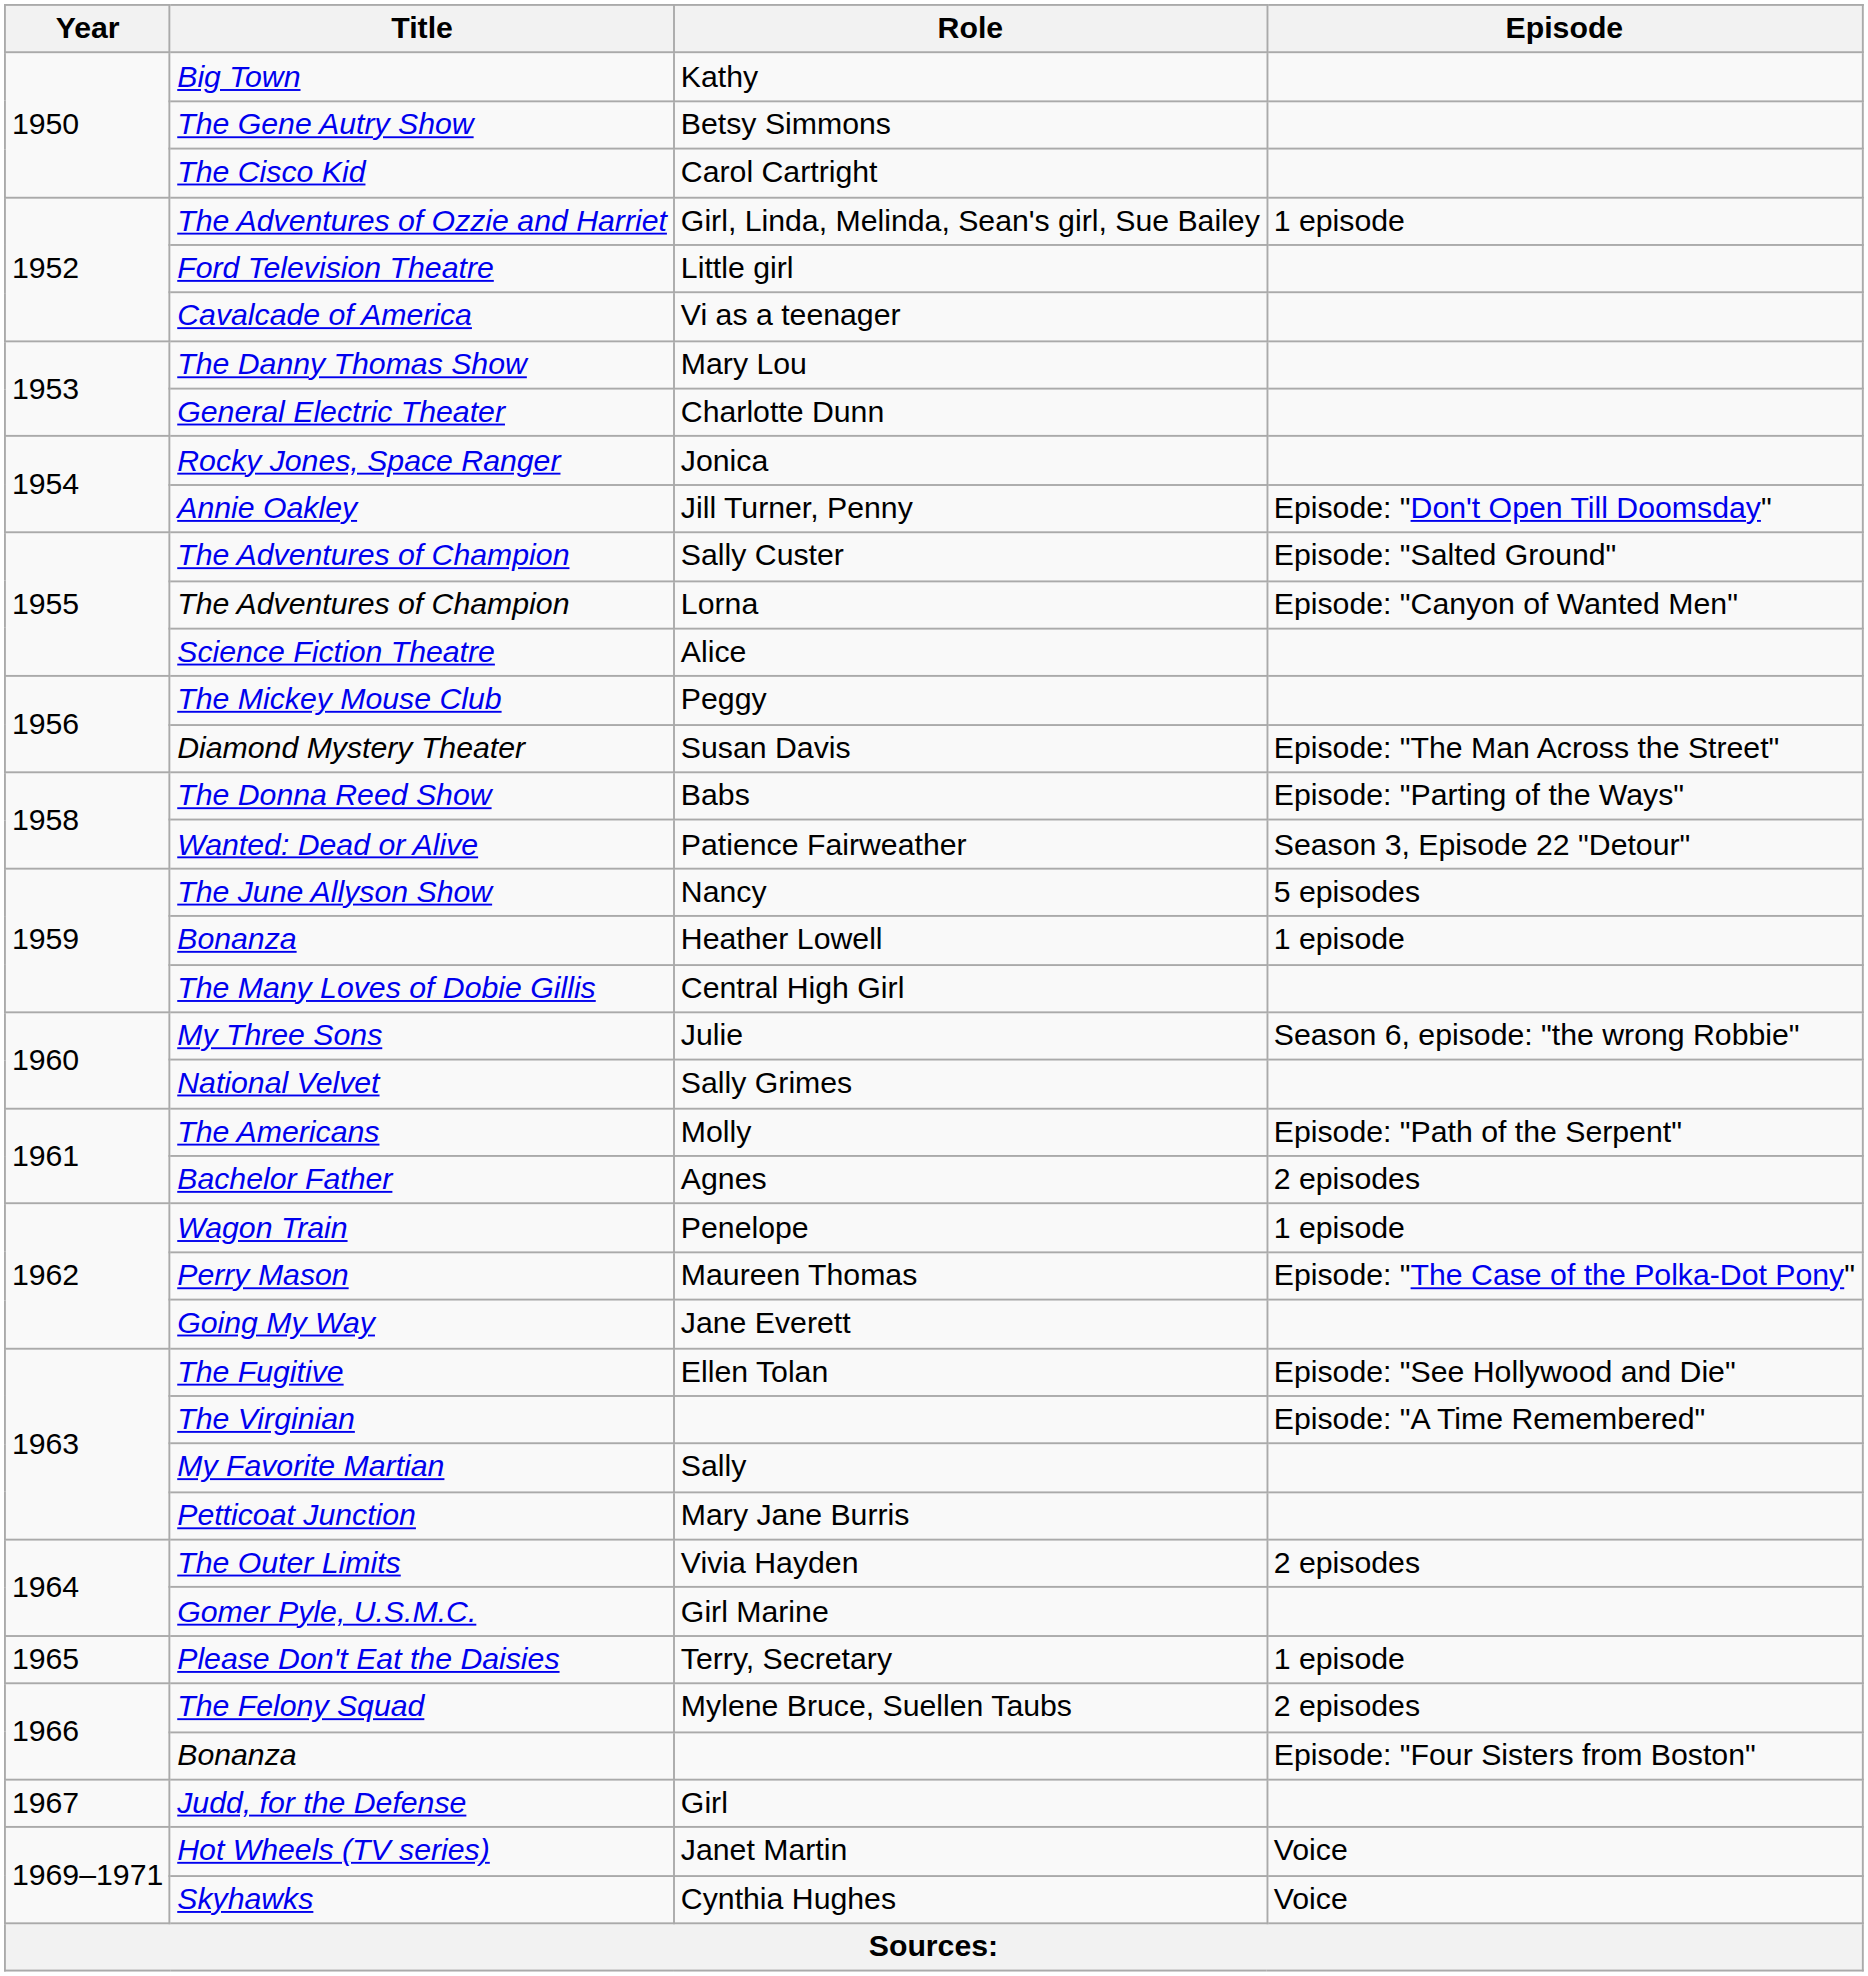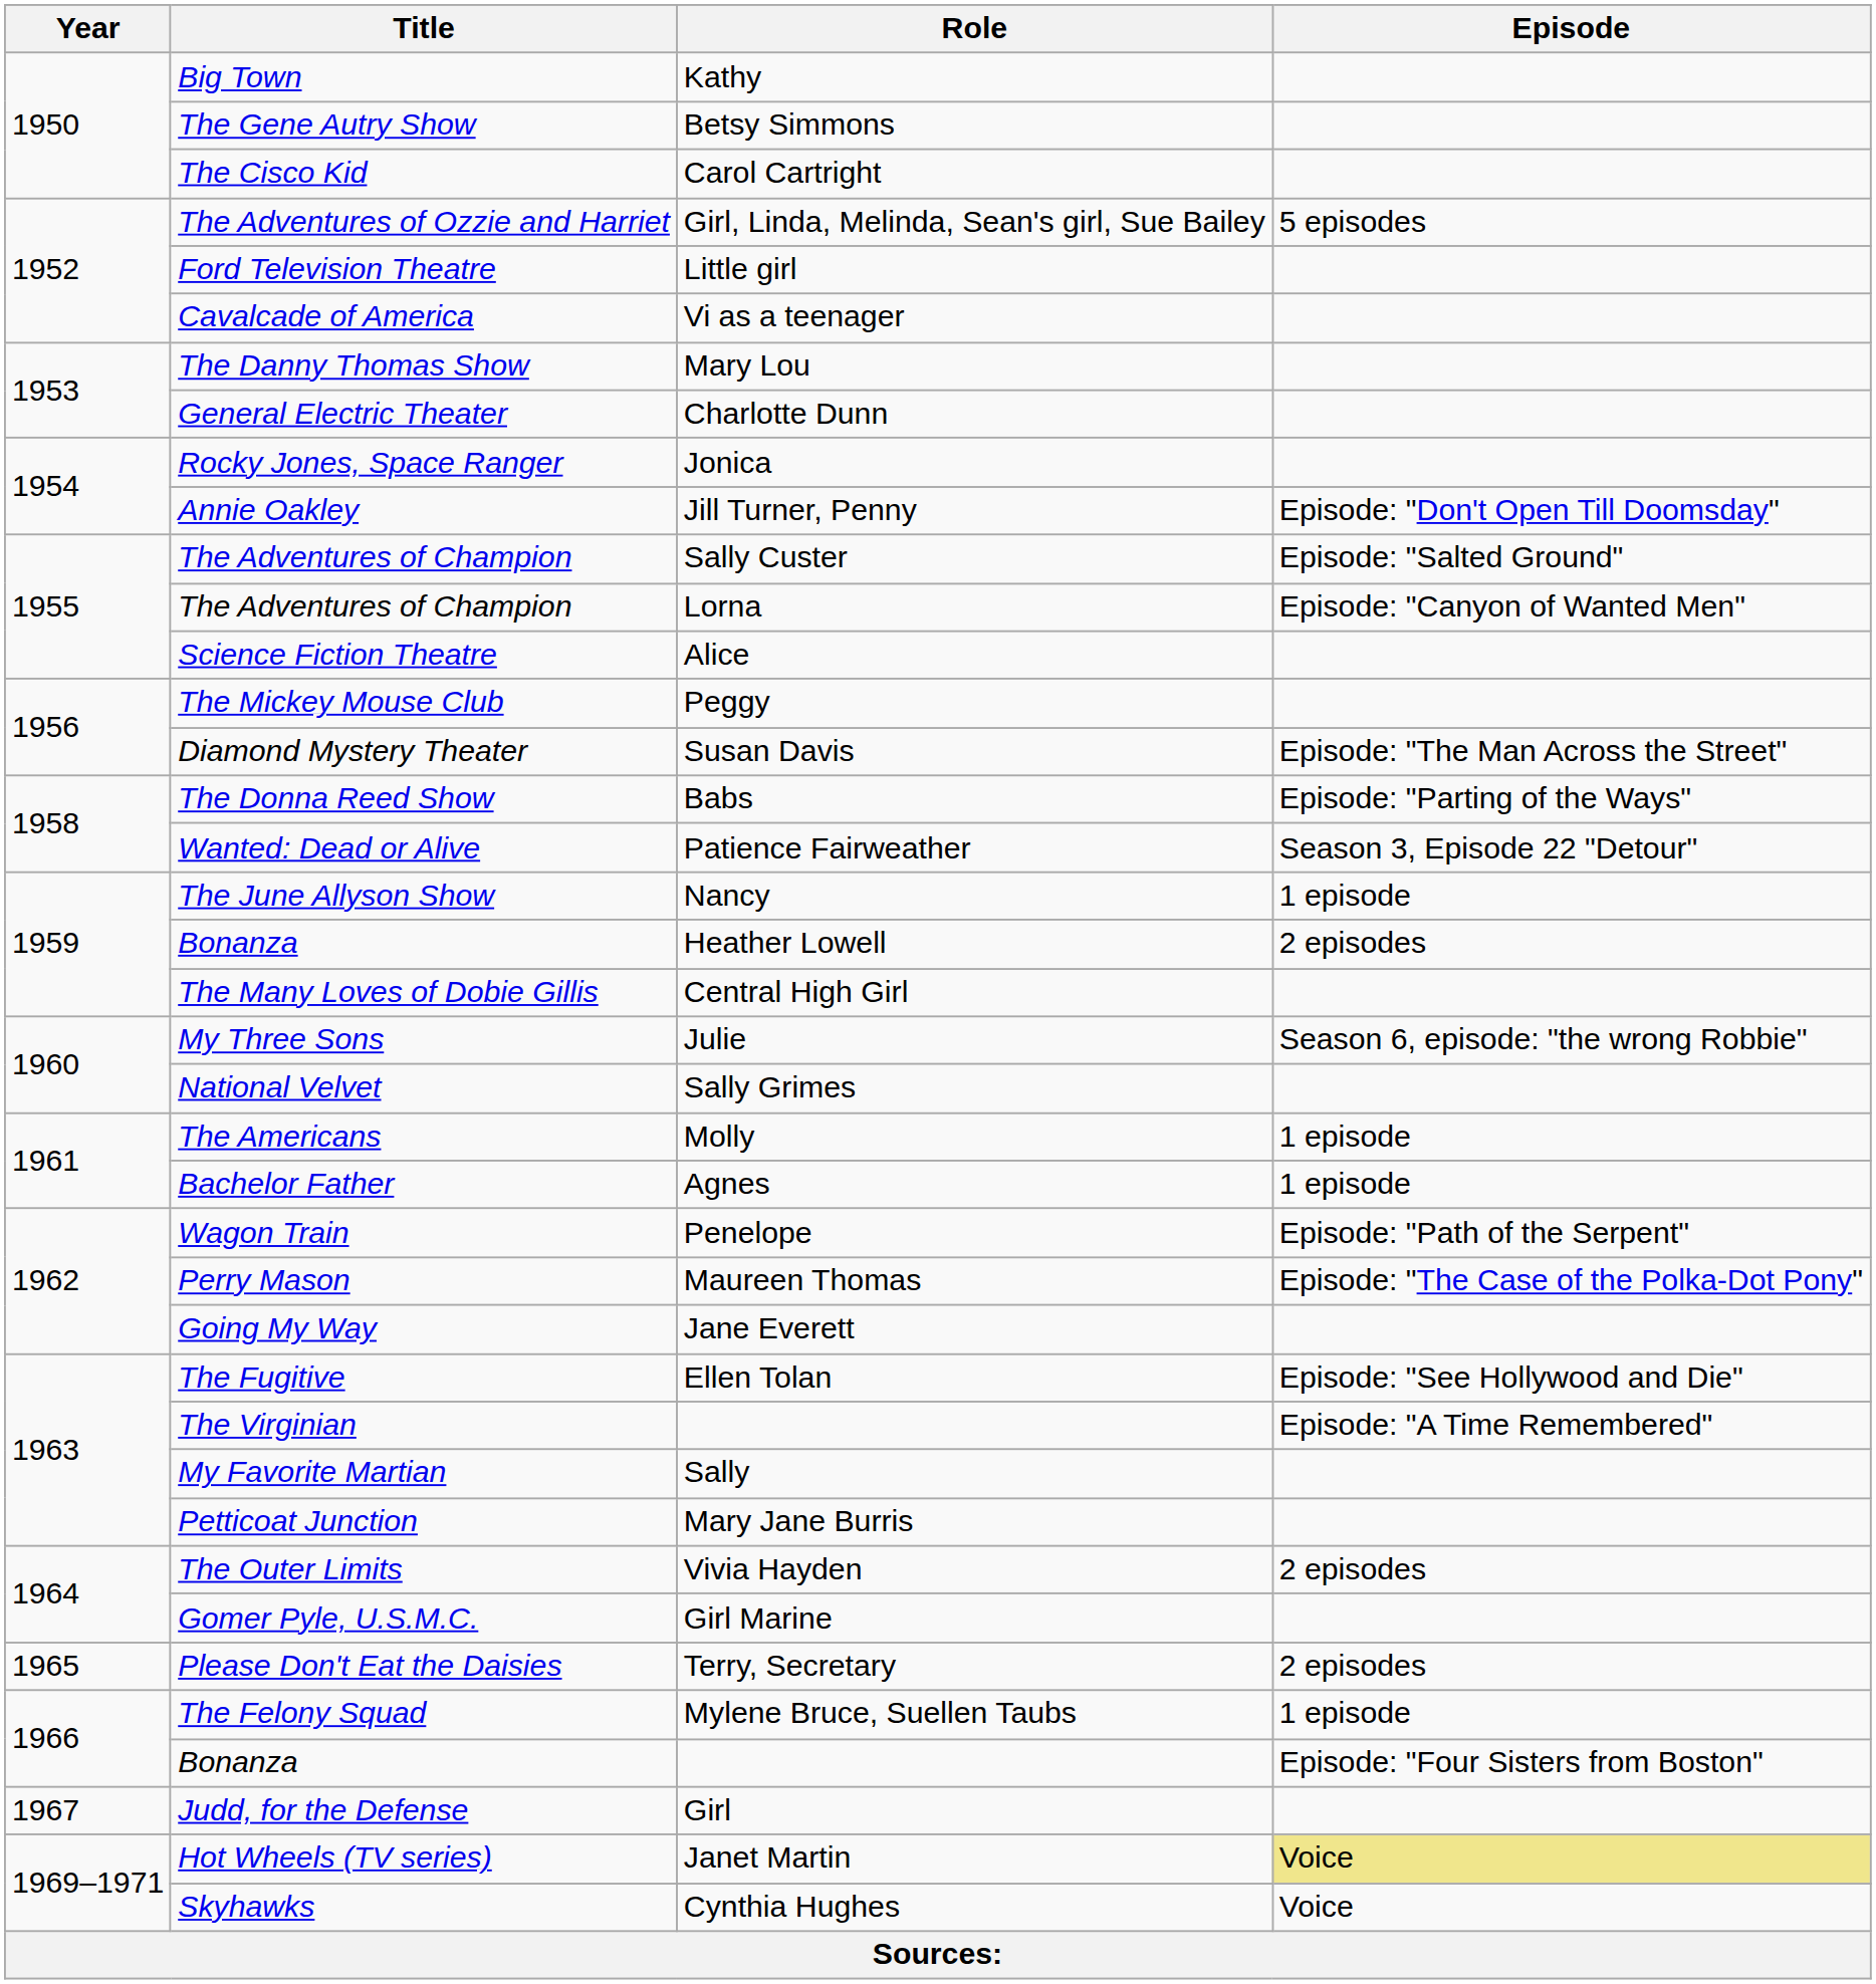 <table class="wikitable sortable">
 <tr>
 <th>Year</th>
 <th>Title</th>
 <th>Role</th>
 <th>Episode</th>
 </tr>
 <tr>
 <td rowspan=3>1950</td>
 <td><em><a href='#'>Big Town</a></em></td>
 <td>Kathy</td>
 <td></td>
 </tr>
 <tr>
 <td><em><a href='#'>The Gene Autry Show</a></em></td>
 <td>Betsy Simmons</td>
 <td></td>
 </tr>
 <tr>
 <td><em><a href='#'>The Cisco Kid</a></em></td>
 <td>Carol Cartright</td>
 <td></td>
 </tr>
 <tr>
 <td rowspan=3>1952</td>
 <td><em><a href='#'>The Adventures of Ozzie and Harriet</a></em></td>
 <td>Girl, Linda, Melinda, Sean's girl, Sue Bailey</td>
-<td>1 episode</td>
+<td>5 episodes</td>
 </tr>
 <tr>
 <td><em><a href='#'>Ford Television Theatre</a></em></td>
 <td>Little girl</td>
 <td></td>
 </tr>
 <tr>
 <td><em><a href='#'>Cavalcade of America</a></em></td>
 <td>Vi as a teenager</td>
 <td></td>
 </tr>
 <tr>
 <td rowspan=2>1953</td>
 <td><em><a href='#'>The Danny Thomas Show</a></em></td>
 <td>Mary Lou</td>
 <td></td>
 </tr>
 <tr>
 <td><em><a href='#'>General Electric Theater</a></em></td>
 <td>Charlotte Dunn</td>
 <td></td>
 </tr>
 <tr>
 <td rowspan=2>1954</td>
 <td><em><a href='#'>Rocky Jones, Space Ranger</a></em></td>
 <td>Jonica</td>
 <td></td>
 </tr>
 <tr>
 <td><em><a href='#'>Annie Oakley</a></em></td>
 <td>Jill Turner, Penny</td>
 <td>Episode: "<a href='#'>Don't Open Till Doomsday</a>"</td>
 </tr>
 <tr>
 <td rowspan=3>1955</td>
 <td><em><a href='#'>The Adventures of Champion</a></em></td>
 <td>Sally Custer</td>
 <td>Episode: "Salted Ground"</td>
 </tr>
 <tr>
 <td><em>The Adventures of Champion</em></td>
 <td>Lorna</td>
 <td>Episode: "Canyon of Wanted Men"</td>
 </tr>
 <tr>
 <td><em><a href='#'>Science Fiction Theatre</a></em></td>
 <td>Alice</td>
 <td></td>
 </tr>
 <tr>
 <td rowspan=2>1956</td>
 <td><em><a href='#'>The Mickey Mouse Club</a></em></td>
 <td>Peggy</td>
 <td></td>
 </tr>
 <tr>
 <td><em>Diamond Mystery Theater</em></td>
 <td>Susan Davis</td>
 <td>Episode: "The Man Across the Street"</td>
 </tr>
 <tr>
 <td rowspan=2>1958</td>
 <td><em><a href='#'>The Donna Reed Show</a></em></td>
 <td>Babs</td>
 <td>Episode: "Parting of the Ways"</td>
 </tr>
 <tr>
 <td><em><a href='#'>Wanted: Dead or Alive</a></em></td>
 <td>Patience Fairweather</td>
 <td>Season 3, Episode 22 "Detour"</td>
 </tr>
 <tr>
 <td rowspan=3>1959</td>
 <td><em><a href='#'>The June Allyson Show</a></em></td>
 <td>Nancy</td>
-<td>5 episodes</td>
+<td>1 episode</td>
 </tr>
 <tr>
 <td><em><a href='#'>Bonanza</a></em></td>
 <td>Heather Lowell</td>
-<td>1 episode</td>
+<td>2 episodes</td>
 </tr>
 <tr>
 <td><em><a href='#'>The Many Loves of Dobie Gillis</a></em></td>
 <td>Central High Girl</td>
 <td></td>
 </tr>
 <tr>
 <td rowspan=2>1960</td>
 <td><em><a href='#'>My Three Sons</a></em></td>
 <td>Julie</td>
 <td>Season 6, episode: "the wrong Robbie"</td>
 </tr>
 <tr>
 <td><em><a href='#'>National Velvet</a></em></td>
 <td>Sally Grimes</td>
 <td></td>
 </tr>
 <tr>
 <td rowspan=2>1961</td>
 <td><em><a href='#'>The Americans</a></em></td>
 <td>Molly</td>
-<td>Episode: "Path of the Serpent"</td>
+<td>1 episode</td>
 </tr>
 <tr>
 <td><em><a href='#'>Bachelor Father</a></em></td>
 <td>Agnes</td>
-<td>2 episodes</td>
+<td>1 episode</td>
 </tr>
 <tr>
 <td rowspan=3>1962</td>
 <td><em><a href='#'>Wagon Train</a></em></td>
 <td>Penelope</td>
-<td>1 episode</td>
+<td>Episode: "Path of the Serpent"</td>
 </tr>
 <tr>
 <td><em><a href='#'>Perry Mason</a></em></td>
 <td>Maureen Thomas</td>
 <td>Episode: "<a href='#'>The Case of the Polka-Dot Pony</a>"</td>
 </tr>
 <tr>
 <td><em><a href='#'>Going My Way</a></em></td>
 <td>Jane Everett</td>
 <td></td>
 </tr>
 <tr>
 <td rowspan=4>1963</td>
 <td><em><a href='#'>The Fugitive</a></em></td>
 <td>Ellen Tolan</td>
 <td>Episode: "See Hollywood and Die"</td>
 </tr>
 <tr>
 <td><em><a href='#'>The Virginian</a></em></td>
 <td></td>
 <td>Episode: "A Time Remembered"</td>
 </tr>
 <tr>
 <td><em><a href='#'>My Favorite Martian</a></em></td>
 <td>Sally</td>
 <td></td>
 </tr>
 <tr>
 <td><em><a href='#'>Petticoat Junction</a></em></td>
 <td>Mary Jane Burris</td>
 <td></td>
 </tr>
 <tr>
 <td rowspan=2>1964</td>
 <td><em><a href='#'>The Outer Limits</a></em></td>
 <td>Vivia Hayden</td>
 <td>2 episodes</td>
 </tr>
 <tr>
 <td><em><a href='#'>Gomer Pyle, U.S.M.C.</a></em></td>
 <td>Girl Marine</td>
 <td></td>
 </tr>
 <tr>
 <td>1965</td>
 <td><em><a href='#'>Please Don't Eat the Daisies</a></em></td>
 <td>Terry, Secretary</td>
-<td>1 episode</td>
+<td>2 episodes</td>
 </tr>
 <tr>
 <td rowspan=2>1966</td>
 <td><em><a href='#'>The Felony Squad</a></em></td>
 <td>Mylene Bruce, Suellen Taubs</td>
-<td>2 episodes</td>
+<td>1 episode</td>
 </tr>
 <tr>
 <td><em>Bonanza</em></td>
 <td></td>
 <td>Episode: "Four Sisters from Boston"</td>
 </tr>
 <tr>
 <td>1967</td>
 <td><em><a href='#'>Judd, for the Defense</a></em></td>
 <td>Girl</td>
 <td></td>
 </tr>
 <tr>
 <td rowspan=2>1969–1971</td>
 <td><em><a href='#'>Hot Wheels (TV series)</a></em></td>
 <td>Janet Martin</td>
-<td>Voice</td>
+<td style="background: khaki;">Voice</td>
 </tr>
 <tr>
 <td><em><a href='#'>Skyhawks</a></em></td>
 <td>Cynthia Hughes</td>
 <td>Voice</td>
 </tr>
 <tr>
 <th colspan=4>Sources:</th>
 </tr>
 </table>
